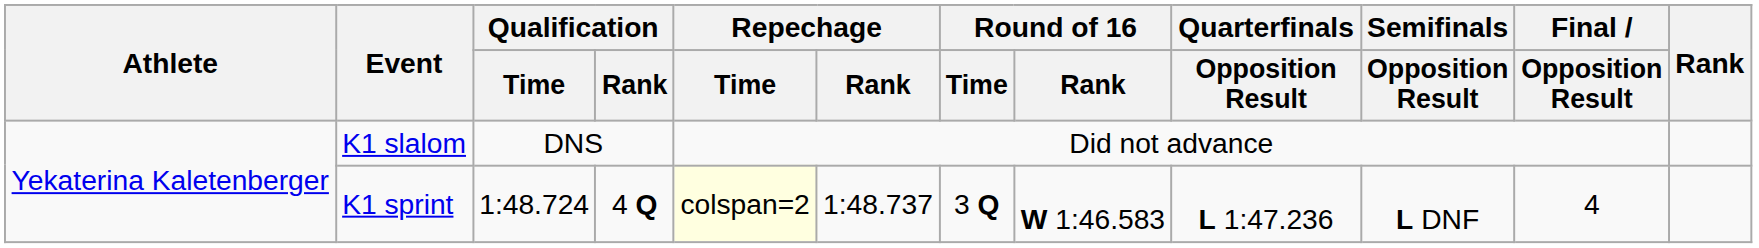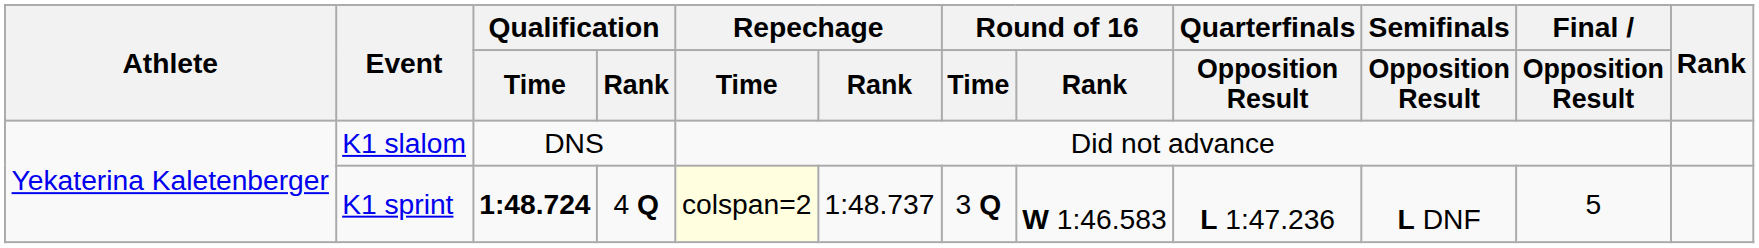 <table class="wikitable" style="font-size:90%;">
 <tr>
 <th rowspan=2>Athlete</th>
 <th rowspan=2>Event</th>
 <th colspan=2>Qualification</th>
 <th colspan=2>Repechage</th>
 <th colspan=2>Round of 16</th>
 <th>Quarterfinals</th>
 <th>Semifinals</th>
 <th>Final / </th>
 <th rowspan=2>Rank</th>
 </tr>
 <tr style="font-size:95%">
 <th>Time</th>
 <th>Rank</th>
 <th>Time</th>
 <th>Rank</th>
 <th>Time</th>
 <th>Rank</th>
 <th>Opposition <br>Result</th>
 <th>Opposition <br>Result</th>
 <th>Opposition <br>Result</th>
 </tr>
 <tr align=center>
 <td rowspan=2 align=left><a href='#'>Yekaterina Kaletenberger</a></td>
 <td align=left><a href='#'>K1 slalom</a></td>
 <td colspan=2>DNS</td>
 <td colspan=7>Did not advance</td>
 <td></td>
 </tr>
 <tr align=center>
 <td align=left><a href='#'>K1 sprint</a></td>
-<td>1:48.724</td>
+<td><strong>1:48.724</strong></td>
 <td>4 <strong>Q</strong></td>
 <td style="background: lightyellow;">colspan=2 </td>
 <td>1:48.737</td>
 <td>3 <strong>Q</strong></td>
 <td><br><strong>W</strong> 1:46.583</td>
 <td><br><strong>L</strong> 1:47.236</td>
 <td><br><strong>L</strong> DNF</td>
-<td>4</td>
+<td>5</td>
 </tr>
 </table>
